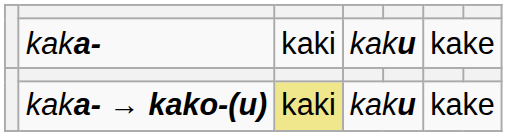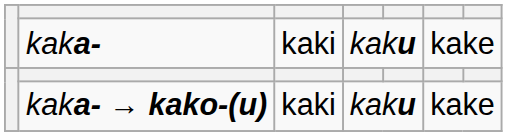 <table class=wikitable>
 <tr>
 <th rowspan=2></th>
 <th></th>
 <th></th>
 <th></th>
 <th></th>
 <th></th>
 <th></th>
 </tr>
 <tr>
 <td><em>kak<strong>a<strong><em>-</td>
 <td></em>kak</strong>i</em></strong></td>
 <td colspan=2><em>kak<strong>u<strong><em></td>
 <td colspan=2></em>kak</strong>e</em></strong></td>
 </tr>
 <tr>
 <th rowspan=2></th>
 <th></th>
 <th></th>
 <th></th>
 <th></th>
 <th></th>
 <th></th>
 </tr>
 <tr>
 <td><em>kak<strong>a<strong><em>- → </em>kak</strong>o<strong>-(u)<em></td>
-<td style="background: khaki;"></em>kak</strong>i</em></strong></td>
+<td></em>kak</strong>i</em></strong></td>
 <td colspan=2><em>kak<strong>u<strong><em></td>
 <td colspan=2></em>kak</strong>e</em></strong></td>
 </tr>
 </table>
